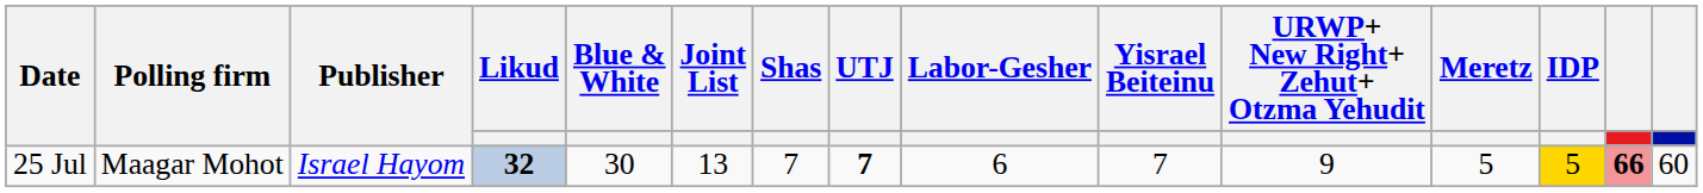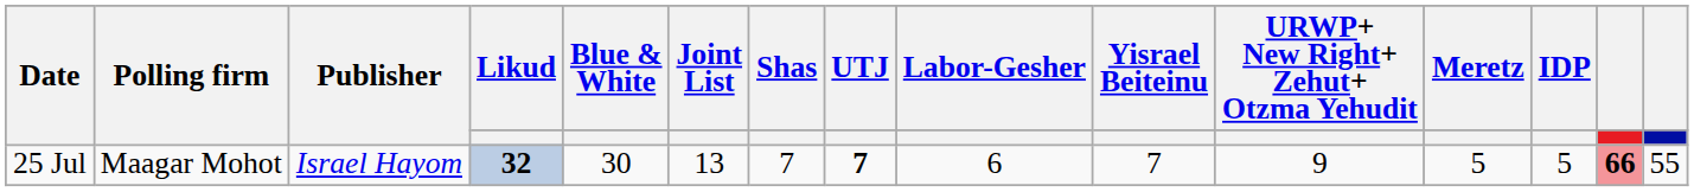 <table class="wikitable sortable" style="text-align:center;font-size:90%;line-height:13px">
 <tr>
 <th rowspan="2">Date</th>
 <th rowspan="2">Polling firm</th>
 <th rowspan="2">Publisher</th>
 <th><a href='#'>Likud</a></th>
 <th><a href='#'>Blue &<br>White</a></th>
 <th><a href='#'>Joint<br>List</a></th>
 <th><a href='#'>Shas</a></th>
 <th><a href='#'>UTJ</a></th>
 <th><a href='#'>Labor-Gesher</a></th>
 <th><a href='#'>Yisrael<br>Beiteinu</a></th>
 <th><a href='#'>URWP</a>+<br><a href='#'>New Right</a>+<br><a href='#'>Zehut</a>+<br><a href='#'>Otzma Yehudit</a></th>
 <th><a href='#'>Meretz</a></th>
 <th><a href='#'>IDP</a></th>
 <th></th>
 <th></th>
 </tr>
 <tr>
 <th style="background:"></th>
 <th style="background:"></th>
 <th style="background:"></th>
 <th style="background:"></th>
 <th style="background:"></th>
 <th style="background:"></th>
 <th style="background:"></th>
 <th style="background:"></th>
 <th style="background:"></th>
 <th style="background:"></th>
 <th style="background:#E81B23;"></th>
 <th style="background:#000EA3;"></th>
 </tr>
 <tr>
 <td data-sort-value="2019-07-25">25 Jul</td>
 <td>Maagar Mohot</td>
 <td><em><a href='#'>Israel Hayom</a></em></td>
 <td style="background:#BBCDE4"><strong>32</strong>	</td>
 <td>30					</td>
 <td>13					</td>
 <td>7					</td>
 <td><strong>7					</strong></td>
 <td>6					</td>
 <td>7					</td>
 <td>9					</td>
 <td>5					</td>
-<td style="background: gold;">5					</td>
+<td>5					</td>
 <td style="background:#F4959A"><strong>66</strong>	</td>
-<td>60					</td>
+<td>55					</td>
 </tr>
 </table>
